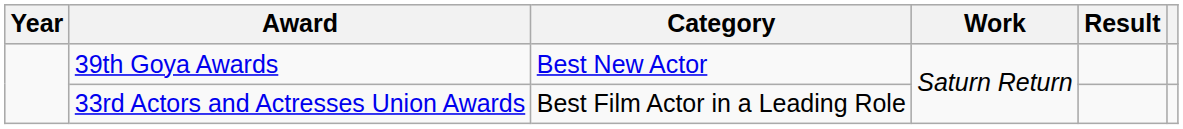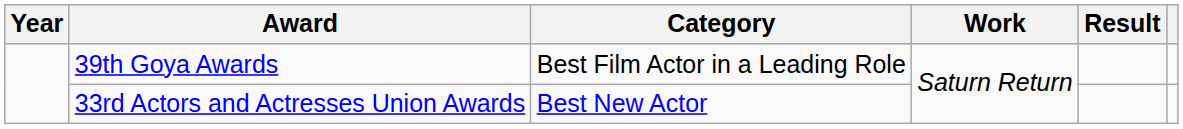 <table class="wikitable sortable plainrowheaders">
 <tr>
 <th>Year</th>
 <th>Award</th>
 <th>Category</th>
 <th>Work</th>
 <th>Result</th>
 <th scope="col" class="unsortable"></th>
 </tr>
 <tr>
 <td rowspan = "2"></td>
 <td><a href='#'>39th Goya Awards</a></td>
-<td><a href='#'>Best New Actor</a></td>
+<td>Best Film Actor in a Leading Role</td>
 <td rowspan = "2"><em>Saturn Return</em></td>
 <td></td>
 <td></td>
 </tr>
 <tr>
 <td><a href='#'>33rd Actors and Actresses Union Awards</a></td>
-<td>Best Film Actor in a Leading Role</td>
+<td><a href='#'>Best New Actor</a></td>
 <td></td>
 <td></td>
 </tr>
 </table>
